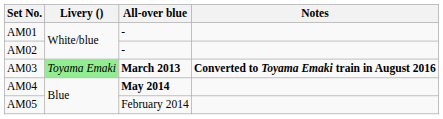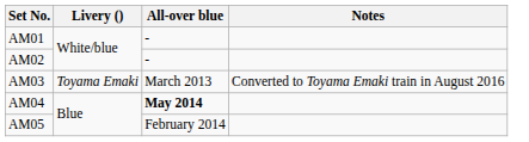 <table class="wikitable">
 <tr>
 <th>Set No.</th>
 <th>Livery ()</th>
 <th>All-over blue</th>
 <th>Notes</th>
 </tr>
 <tr>
 <td>AM01</td>
 <td rowspan="2"> White/blue</td>
 <td>-</td>
 <td></td>
 </tr>
 <tr>
 <td>AM02</td>
 <td>-</td>
 <td></td>
 </tr>
 <tr>
 <td>AM03</td>
-<td style="background: lightgreen;"> <em>Toyama Emaki</em></td>
-<td><strong>March 2013</strong></td>
-<td><strong>Converted to <em>Toyama Emaki</em> train in August 2016</strong></td>
+<td> <em>Toyama Emaki</em></td>
+<td>March 2013</td>
+<td>Converted to <em>Toyama Emaki</em> train in August 2016</td>
 </tr>
 <tr>
 <td>AM04</td>
 <td rowspan="2"> Blue</td>
 <td><strong>May 2014</strong></td>
 <td></td>
 </tr>
 <tr>
 <td>AM05</td>
 <td>February 2014</td>
 <td></td>
 </tr>
 </table>
